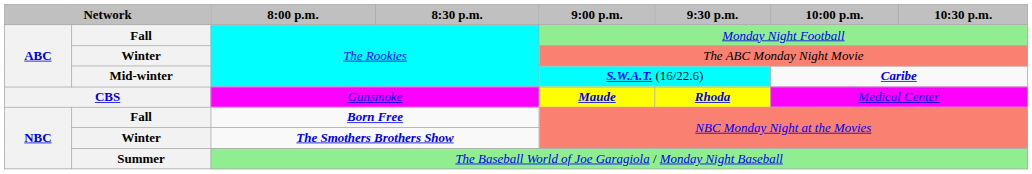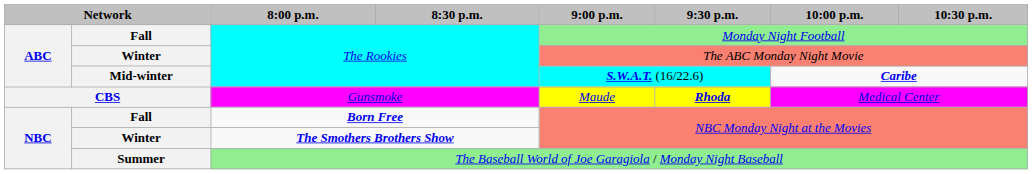 <table class="wikitable plainrowheaders" style="width:100%; margin:auto; text-align:center;">
 <tr>
 <th colspan="2" style="background-color:#C0C0C0;text-align:center">Network</th>
 <th style="background-color:#C0C0C0;text-align:center">8:00 p.m.</th>
 <th style="background-color:#C0C0C0;text-align:center">8:30 p.m.</th>
 <th style="background-color:#C0C0C0;text-align:center">9:00 p.m.</th>
 <th style="background-color:#C0C0C0;text-align:center">9:30 p.m.</th>
 <th style="background-color:#C0C0C0;text-align:center">10:00 p.m.</th>
 <th style="background-color:#C0C0C0;text-align:center">10:30 p.m.</th>
 </tr>
 <tr>
 <th rowspan="3"><a href='#'>ABC</a></th>
 <th>Fall</th>
 <td colspan="2" rowspan="3" style="background:#00FFFF;"><em><a href='#'>The Rookies</a></em> </td>
 <td colspan="4" style="background:lightgreen;"><em><a href='#'>Monday Night Football</a></em></td>
 </tr>
 <tr>
 <th>Winter</th>
 <td colspan="4" style="background:#FA8072;"><em>The ABC Monday Night Movie</em></td>
 </tr>
 <tr>
 <th>Mid-winter</th>
 <td colspan="2" style="background:#00FFFF;"><strong><em><a href='#'>S.W.A.T.</a></em></strong> (16/22.6)</td>
 <td colspan="2"><strong><em><a href='#'>Caribe</a></em></strong></td>
 </tr>
 <tr>
 <th colspan="2"><a href='#'>CBS</a></th>
 <td style="background:#FF00FF;" colspan="2"><em><a href='#'>Gunsmoke</a></em> </td>
-<td style="background:#FFFF00;"><strong><em><a href='#'>Maude</a></em> </strong></td>
+<td style="background:#FFFF00;"><em><a href='#'>Maude</a></em> </td>
 <td style="background:#FFFF00;"><strong><em><a href='#'>Rhoda</a></em></strong> </td>
 <td style="background:#FF00FF;" colspan="2"><em><a href='#'>Medical Center</a></em> </td>
 </tr>
 <tr>
 <th rowspan="3"><a href='#'>NBC</a></th>
 <th>Fall</th>
 <td colspan="2"><strong><em><a href='#'>Born Free</a></em></strong></td>
 <td colspan="4" rowspan="2" style="background:#FA8072;"><em><a href='#'>NBC Monday Night at the Movies</a></em></td>
 </tr>
 <tr>
 <th>Winter</th>
 <td colspan="2"><strong><em><a href='#'>The Smothers Brothers Show</a></em></strong></td>
 </tr>
 <tr>
 <th>Summer</th>
 <td colspan="6" style="background:lightgreen;"><em><a href='#'>The Baseball World of Joe Garagiola</a></em>  / <em><a href='#'>Monday Night Baseball</a></em> </td>
 </tr>
 </table>
